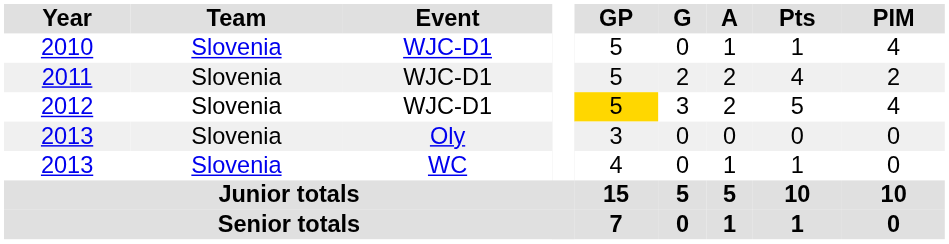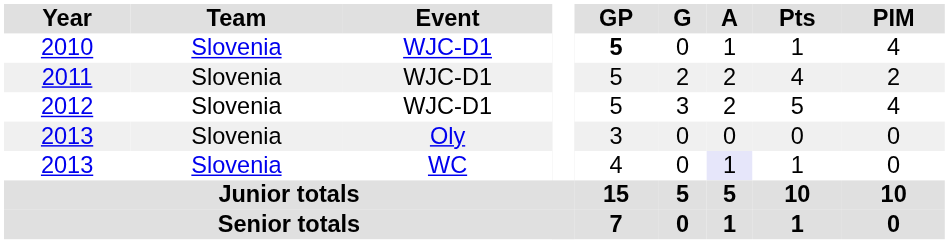 <table border="0" cellpadding="1" cellspacing="0" style="text-align:center; width:40em">
 <tr ALIGN="center" bgcolor="#e0e0e0">
 <th>Year</th>
 <th>Team</th>
 <th>Event</th>
 <th rowspan="99" bgcolor="#ffffff"> </th>
 <th>GP</th>
 <th>G</th>
 <th>A</th>
 <th>Pts</th>
 <th>PIM</th>
 </tr>
 <tr style="text-align:center;">
 <td><a href='#'>2010</a></td>
 <td><a href='#'>Slovenia</a></td>
 <td><a href='#'>WJC-D1</a></td>
-<td>5</td>
+<td><strong>5</strong></td>
 <td>0</td>
 <td>1</td>
 <td>1</td>
 <td>4</td>
 </tr>
 <tr style="text-align:center; background:#f0f0f0;">
 <td><a href='#'>2011</a></td>
 <td>Slovenia</td>
 <td>WJC-D1</td>
 <td>5</td>
 <td>2</td>
 <td>2</td>
 <td>4</td>
 <td>2</td>
 </tr>
 <tr style="text-align:center;">
 <td><a href='#'>2012</a></td>
 <td>Slovenia</td>
 <td>WJC-D1</td>
-<td style="background: gold;">5</td>
+<td>5</td>
 <td>3</td>
 <td>2</td>
 <td>5</td>
 <td>4</td>
 </tr>
 <tr style="text-align:center; background:#f0f0f0;">
 <td><a href='#'>2013</a></td>
 <td>Slovenia</td>
 <td><a href='#'>Oly</a></td>
 <td>3</td>
 <td>0</td>
 <td>0</td>
 <td>0</td>
 <td>0</td>
 </tr>
 <tr style="text-align:center;">
 <td><a href='#'>2013</a></td>
 <td><a href='#'>Slovenia</a></td>
 <td><a href='#'>WC</a></td>
 <td>4</td>
 <td>0</td>
-<td>1</td>
+<td style="background: lavender;">1</td>
 <td>1</td>
 <td>0</td>
 </tr>
 <tr bgcolor="#e0e0e0">
 <th colspan="4">Junior totals</th>
 <th>15</th>
 <th>5</th>
 <th>5</th>
 <th>10</th>
 <th>10</th>
 </tr>
 <tr bgcolor="#e0e0e0">
 <th colspan="4">Senior totals</th>
 <th>7</th>
 <th>0</th>
 <th>1</th>
 <th>1</th>
 <th>0</th>
 </tr>
 </table>
